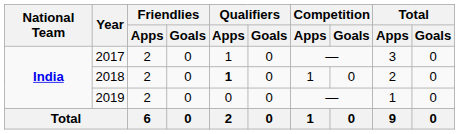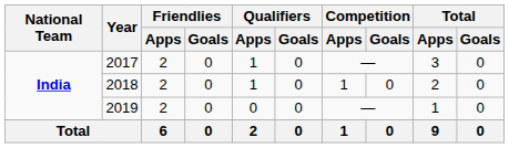 <table class="wikitable" style="text-align: center;">
 <tr>
 <th rowspan="2" style="width:100px;">National Team</th>
 <th rowspan="2">Year</th>
 <th colspan="2">Friendlies</th>
 <th colspan="2">Qualifiers</th>
 <th colspan="2">Competition</th>
 <th colspan="2">Total</th>
 </tr>
 <tr>
 <th width="40">Apps</th>
 <th width="40">Goals</th>
 <th width="40">Apps</th>
 <th width="40">Goals</th>
 <th width="40">Apps</th>
 <th width="40">Goals</th>
 <th width="40">Apps</th>
 <th width="40">Goals</th>
 </tr>
 <tr>
 <td rowspan="3"><strong><a href='#'>India</a></strong></td>
 <td>2017</td>
 <td>2</td>
 <td>0</td>
 <td>1</td>
 <td>0</td>
 <td colspan=2>—</td>
 <td>3</td>
 <td>0</td>
 </tr>
 <tr>
 <td>2018</td>
 <td>2</td>
 <td>0</td>
-<td><strong>1</strong></td>
+<td>1</td>
 <td>0</td>
 <td>1</td>
 <td>0</td>
 <td>2</td>
 <td>0</td>
 </tr>
 <tr>
 <td>2019</td>
 <td>2</td>
 <td>0</td>
 <td>0</td>
 <td>0</td>
 <td colspan=2>—</td>
 <td>1</td>
 <td>0</td>
 </tr>
 <tr>
 <th colspan="2">Total</th>
 <th>6</th>
 <th>0</th>
 <th>2</th>
 <th>0</th>
 <th>1</th>
 <th>0</th>
 <th>9</th>
 <th>0</th>
 </tr>
 </table>
